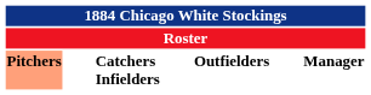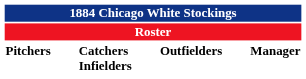 <table class="toccolours" style="font-size: 95%;">
 <tr>
 <th colspan="10" style="background-color: #0e3386; color: white; text-align: center;">1884 Chicago White Stockings</th>
 </tr>
 <tr>
 <td colspan="10" style="background-color: #EE1422; color: white; text-align: center;"><strong>Roster</strong></td>
 </tr>
 <tr>
-<td valign="top" style="background: lightsalmon;"><strong>Pitchers</strong><br>        </td>
+<td valign="top"><strong>Pitchers</strong><br>        </td>
 <td width="25px"></td>
 <td valign="top"><strong>Catchers</strong><br>  <strong>Infielders</strong>     </td>
 <td width="25px"></td>
 <td valign="top"><strong>Outfielders</strong><br>    </td>
 <td width="25px"></td>
 <td valign="top"><strong>Manager</strong><br></td>
 </tr>
 <tr>
 </tr>
 </table>
